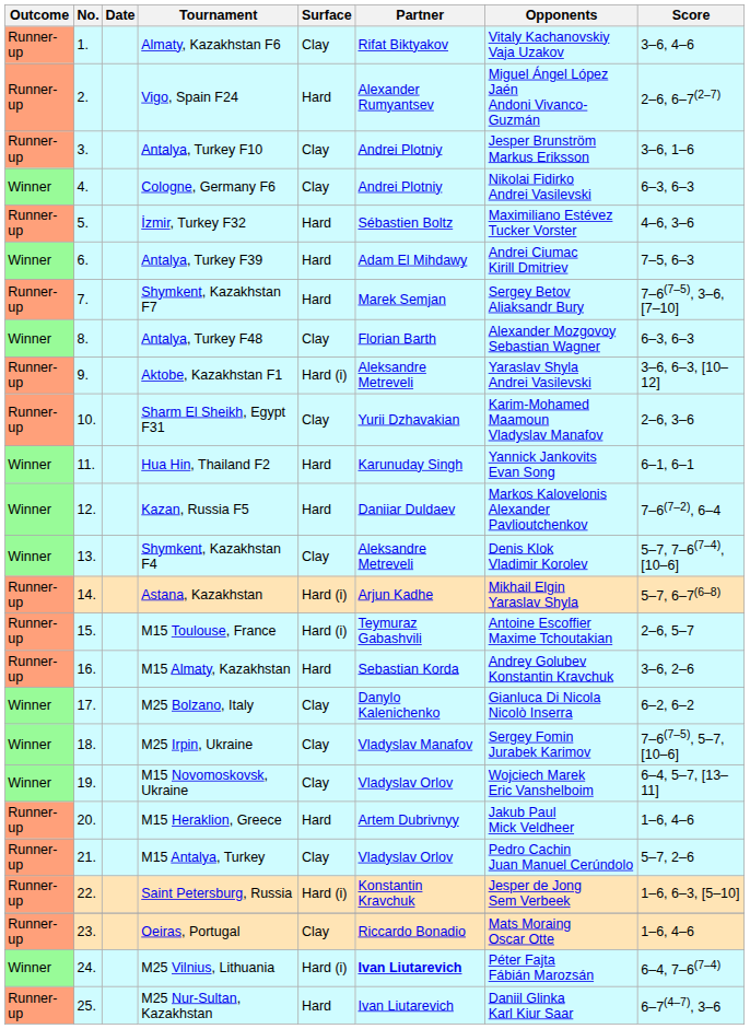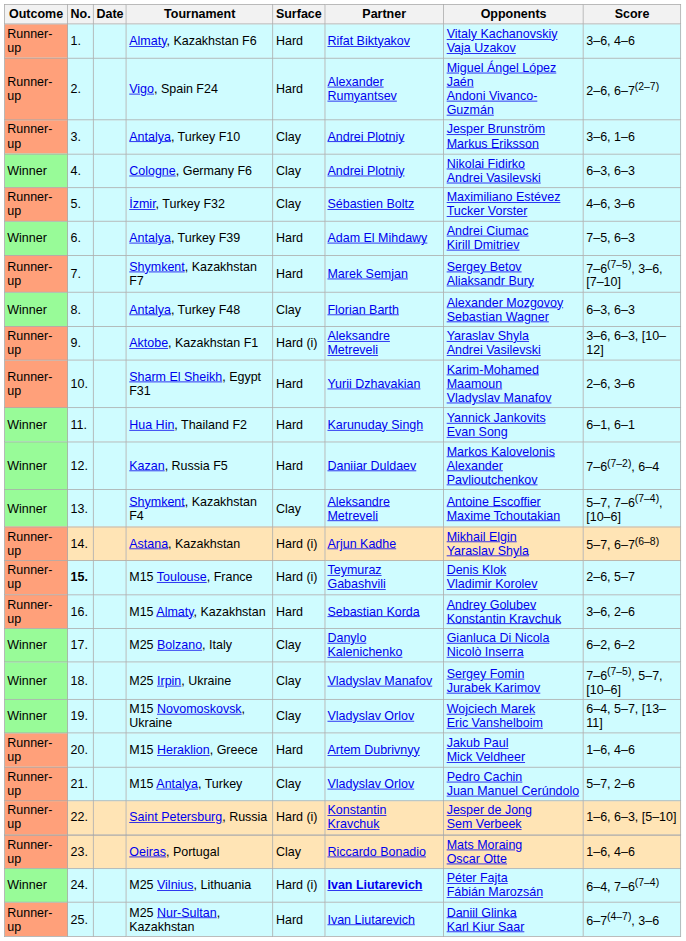 <table class=wikitable>
 <tr>
 <th>Outcome</th>
 <th>No.</th>
 <th>Date</th>
 <th>Tournament</th>
 <th>Surface</th>
 <th>Partner</th>
 <th>Opponents</th>
 <th>Score</th>
 </tr>
 <tr style="background:#cffcff">
 <td bgcolor=FFA07A>Runner-up</td>
 <td>1.</td>
 <td></td>
 <td> <a href='#'>Almaty</a>, Kazakhstan F6</td>
-<td>Clay</td>
+<td>Hard</td>
 <td> <a href='#'>Rifat Biktyakov</a></td>
 <td> <a href='#'>Vitaly Kachanovskiy</a><br> <a href='#'>Vaja Uzakov</a></td>
 <td>3–6, 4–6</td>
 </tr>
 <tr style="background:#cffcff">
 <td bgcolor=FFA07A>Runner-up</td>
 <td>2.</td>
 <td></td>
 <td> <a href='#'>Vigo</a>, Spain F24</td>
 <td>Hard</td>
 <td> <a href='#'>Alexander Rumyantsev</a></td>
 <td> <a href='#'>Miguel Ángel López Jaén</a><br> <a href='#'>Andoni Vivanco-Guzmán</a></td>
 <td>2–6, 6–7<sup>(2–7)</sup></td>
 </tr>
 <tr style="background:#cffcff">
 <td bgcolor=FFA07A>Runner-up</td>
 <td>3.</td>
 <td></td>
 <td> <a href='#'>Antalya</a>, Turkey F10</td>
 <td>Clay</td>
 <td> <a href='#'>Andrei Plotniy</a></td>
 <td> <a href='#'>Jesper Brunström</a><br> <a href='#'>Markus Eriksson</a></td>
 <td>3–6, 1–6</td>
 </tr>
 <tr style="background:#cffcff;">
 <td bgcolor=98FB98>Winner</td>
 <td>4.</td>
 <td></td>
 <td> <a href='#'>Cologne</a>, Germany F6</td>
 <td>Clay</td>
 <td> <a href='#'>Andrei Plotniy</a></td>
 <td> <a href='#'>Nikolai Fidirko</a><br> <a href='#'>Andrei Vasilevski</a></td>
 <td>6–3, 6–3</td>
 </tr>
 <tr style="background:#cffcff;">
 <td bgcolor=FFA07A>Runner-up</td>
 <td>5.</td>
 <td></td>
 <td> <a href='#'>İzmir</a>, Turkey F32</td>
-<td>Hard</td>
+<td>Clay</td>
 <td> <a href='#'>Sébastien Boltz</a></td>
 <td> <a href='#'>Maximiliano Estévez</a><br> <a href='#'>Tucker Vorster</a></td>
 <td>4–6, 3–6</td>
 </tr>
 <tr style="background:#cffcff;">
 <td bgcolor=98FB98>Winner</td>
 <td>6.</td>
 <td></td>
 <td> <a href='#'>Antalya</a>, Turkey F39</td>
 <td>Hard</td>
 <td> <a href='#'>Adam El Mihdawy</a></td>
 <td> <a href='#'>Andrei Ciumac</a><br> <a href='#'>Kirill Dmitriev</a></td>
 <td>7–5, 6–3</td>
 </tr>
 <tr style="background:#cffcff;">
 <td bgcolor=FFA07A>Runner-up</td>
 <td>7.</td>
 <td></td>
 <td> <a href='#'>Shymkent</a>, Kazakhstan F7</td>
 <td>Hard</td>
 <td> <a href='#'>Marek Semjan</a></td>
 <td> <a href='#'>Sergey Betov</a><br> <a href='#'>Aliaksandr Bury</a></td>
 <td>7–6<sup>(7–5)</sup>, 3–6, [7–10]</td>
 </tr>
 <tr style="background:#cffcff;">
 <td bgcolor=98FB98>Winner</td>
 <td>8.</td>
 <td></td>
 <td> <a href='#'>Antalya</a>, Turkey F48</td>
 <td>Clay</td>
 <td> <a href='#'>Florian Barth</a></td>
 <td> <a href='#'>Alexander Mozgovoy</a><br> <a href='#'>Sebastian Wagner</a></td>
 <td>6–3, 6–3</td>
 </tr>
 <tr style="background:#cffcff;">
 <td bgcolor=FFA07A>Runner-up</td>
 <td>9.</td>
 <td></td>
 <td> <a href='#'>Aktobe</a>, Kazakhstan F1</td>
 <td>Hard (i)</td>
 <td> <a href='#'>Aleksandre Metreveli</a></td>
 <td> <a href='#'>Yaraslav Shyla</a><br> <a href='#'>Andrei Vasilevski</a></td>
 <td>3–6, 6–3, [10–12]</td>
 </tr>
 <tr style="background:#cffcff;">
 <td bgcolor=FFA07A>Runner-up</td>
 <td>10.</td>
 <td></td>
 <td> <a href='#'>Sharm El Sheikh</a>, Egypt F31</td>
-<td>Clay</td>
+<td>Hard</td>
 <td> <a href='#'>Yurii Dzhavakian</a></td>
 <td> <a href='#'>Karim-Mohamed Maamoun</a><br> <a href='#'>Vladyslav Manafov</a></td>
 <td>2–6, 3–6</td>
 </tr>
 <tr style="background:#cffcff;">
 <td bgcolor=98FB98>Winner</td>
 <td>11.</td>
 <td></td>
 <td> <a href='#'>Hua Hin</a>, Thailand F2</td>
 <td>Hard</td>
 <td> <a href='#'>Karunuday Singh</a></td>
 <td> <a href='#'>Yannick Jankovits</a><br> <a href='#'>Evan Song</a></td>
 <td>6–1, 6–1</td>
 </tr>
 <tr style="background:#cffcff;">
 <td bgcolor=98FB98>Winner</td>
 <td>12.</td>
 <td></td>
 <td> <a href='#'>Kazan</a>, Russia F5</td>
 <td>Hard</td>
 <td> <a href='#'>Daniiar Duldaev</a></td>
 <td> <a href='#'>Markos Kalovelonis</a><br> <a href='#'>Alexander Pavlioutchenkov</a></td>
 <td>7–6<sup>(7–2)</sup>, 6–4</td>
 </tr>
 <tr style="background:#cffcff;">
 <td bgcolor=98FB98>Winner</td>
 <td>13.</td>
 <td></td>
 <td> <a href='#'>Shymkent</a>, Kazakhstan F4</td>
 <td>Clay</td>
 <td> <a href='#'>Aleksandre Metreveli</a></td>
-<td> <a href='#'>Denis Klok</a><br> <a href='#'>Vladimir Korolev</a></td>
+<td> <a href='#'>Antoine Escoffier</a><br> <a href='#'>Maxime Tchoutakian</a></td>
 <td>5–7, 7–6<sup>(7–4)</sup>, [10–6]</td>
 </tr>
 <tr style="background:moccasin;">
 <td bgcolor=FFA07A>Runner-up</td>
 <td>14.</td>
 <td><a href='#'></a></td>
 <td> <a href='#'>Astana</a>, Kazakhstan</td>
 <td>Hard (i)</td>
 <td> <a href='#'>Arjun Kadhe</a></td>
 <td> <a href='#'>Mikhail Elgin</a><br> <a href='#'>Yaraslav Shyla</a></td>
 <td>5–7, 6–7<sup>(6–8)</sup></td>
 </tr>
 <tr style="background:#cffcff;">
 <td bgcolor=FFA07A>Runner-up</td>
-<td>15.</td>
+<td><strong>15.</strong></td>
 <td></td>
 <td> M15 <a href='#'>Toulouse</a>, France</td>
 <td>Hard (i)</td>
 <td> <a href='#'>Teymuraz Gabashvili</a></td>
-<td> <a href='#'>Antoine Escoffier</a><br> <a href='#'>Maxime Tchoutakian</a></td>
+<td> <a href='#'>Denis Klok</a><br> <a href='#'>Vladimir Korolev</a></td>
 <td>2–6, 5–7</td>
 </tr>
 <tr style="background:#cffcff;">
 <td bgcolor=FFA07A>Runner-up</td>
 <td>16.</td>
 <td></td>
 <td> M15 <a href='#'>Almaty</a>, Kazakhstan</td>
 <td>Hard</td>
 <td> <a href='#'>Sebastian Korda</a></td>
 <td> <a href='#'>Andrey Golubev</a><br> <a href='#'>Konstantin Kravchuk</a></td>
 <td>3–6, 2–6</td>
 </tr>
 <tr style="background:#cffcff;">
 <td bgcolor=98FB98>Winner</td>
 <td>17.</td>
 <td></td>
 <td> M25 <a href='#'>Bolzano</a>, Italy</td>
 <td>Clay</td>
 <td> <a href='#'>Danylo Kalenichenko</a></td>
 <td> <a href='#'>Gianluca Di Nicola</a><br> <a href='#'>Nicolò Inserra</a></td>
 <td>6–2, 6–2</td>
 </tr>
 <tr style="background:#cffcff;">
 <td bgcolor=98FB98>Winner</td>
 <td>18.</td>
 <td></td>
 <td> M25 <a href='#'>Irpin</a>, Ukraine</td>
 <td>Clay</td>
 <td> <a href='#'>Vladyslav Manafov</a></td>
 <td> <a href='#'>Sergey Fomin</a><br> <a href='#'>Jurabek Karimov</a></td>
 <td>7–6<sup>(7–5)</sup>, 5–7, [10–6]</td>
 </tr>
 <tr style="background:#cffcff;">
 <td bgcolor=98FB98>Winner</td>
 <td>19.</td>
 <td></td>
 <td> M15 <a href='#'>Novomoskovsk</a>, Ukraine</td>
 <td>Clay</td>
 <td> <a href='#'>Vladyslav Orlov</a></td>
 <td> <a href='#'>Wojciech Marek</a><br> <a href='#'>Eric Vanshelboim</a></td>
 <td>6–4, 5–7, [13–11]</td>
 </tr>
 <tr style="background:#cffcff;">
 <td bgcolor=FFA07A>Runner-up</td>
 <td>20.</td>
 <td></td>
 <td> M15 <a href='#'>Heraklion</a>, Greece</td>
 <td>Hard</td>
 <td> <a href='#'>Artem Dubrivnyy</a></td>
 <td> <a href='#'>Jakub Paul</a><br> <a href='#'>Mick Veldheer</a></td>
 <td>1–6, 4–6</td>
 </tr>
 <tr style="background:#cffcff;">
 <td bgcolor=FFA07A>Runner-up</td>
 <td>21.</td>
 <td></td>
 <td> M15 <a href='#'>Antalya</a>, Turkey</td>
 <td>Clay</td>
 <td> <a href='#'>Vladyslav Orlov</a></td>
 <td> <a href='#'>Pedro Cachin</a><br> <a href='#'>Juan Manuel Cerúndolo</a></td>
 <td>5–7, 2–6</td>
 </tr>
 <tr style="background:moccasin;">
 <td bgcolor=FFA07A>Runner-up</td>
 <td>22.</td>
 <td><a href='#'></a></td>
 <td> <a href='#'>Saint Petersburg</a>, Russia</td>
 <td>Hard (i)</td>
 <td> <a href='#'>Konstantin Kravchuk</a></td>
 <td> <a href='#'>Jesper de Jong</a><br> <a href='#'>Sem Verbeek</a></td>
 <td>1–6, 6–3, [5–10]</td>
 </tr>
 <tr>
 </tr>
 <tr style="background:moccasin;">
 <td bgcolor=FFA07A>Runner-up</td>
 <td>23.</td>
 <td><a href='#'></a></td>
 <td> <a href='#'>Oeiras</a>, Portugal</td>
 <td>Clay</td>
 <td> <a href='#'>Riccardo Bonadio</a></td>
 <td> <a href='#'>Mats Moraing</a><br> <a href='#'>Oscar Otte</a></td>
 <td>1–6, 4–6</td>
 </tr>
 <tr style="background:#cffcff">
 <td bgcolor=98FB98>Winner</td>
 <td>24.</td>
 <td></td>
 <td> M25 <a href='#'>Vilnius</a>, Lithuania</td>
 <td>Hard (i)</td>
 <td><strong> <a href='#'>Ivan Liutarevich</a></strong></td>
 <td> <a href='#'>Péter Fajta</a><br> <a href='#'>Fábián Marozsán</a></td>
 <td>6–4, 7–6<sup>(7–4)</sup></td>
 </tr>
 <tr style="background:#cffcff">
 <td bgcolor=FFA07A>Runner-up</td>
 <td>25.</td>
 <td></td>
 <td> M25 <a href='#'>Nur-Sultan</a>, Kazakhstan</td>
 <td>Hard</td>
 <td> <a href='#'>Ivan Liutarevich</a></td>
 <td> <a href='#'>Daniil Glinka</a><br> <a href='#'>Karl Kiur Saar</a></td>
 <td>6–7<sup>(4–7)</sup>, 3–6</td>
 </tr>
 </table>
